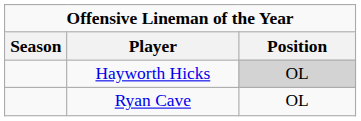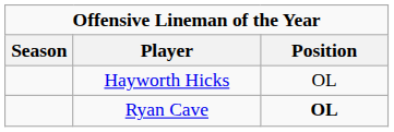 <table class="wikitable sortable" style="text-align:center">
 <tr>
 <td colspan="4"><strong>Offensive Lineman of the Year</strong></td>
 </tr>
 <tr>
 <th style="width:50px; ">Season</th>
 <th style="width:150px; ">Player</th>
 <th style="width:100px; ">Position</th>
 </tr>
 <tr>
 <td></td>
 <td><a href='#'>Hayworth Hicks</a></td>
-<td style="background: lightgrey;">OL</td>
+<td>OL</td>
 </tr>
 <tr>
 <td></td>
 <td><a href='#'>Ryan Cave</a></td>
-<td>OL</td>
+<td><strong>OL</strong></td>
 </tr>
 </table>
